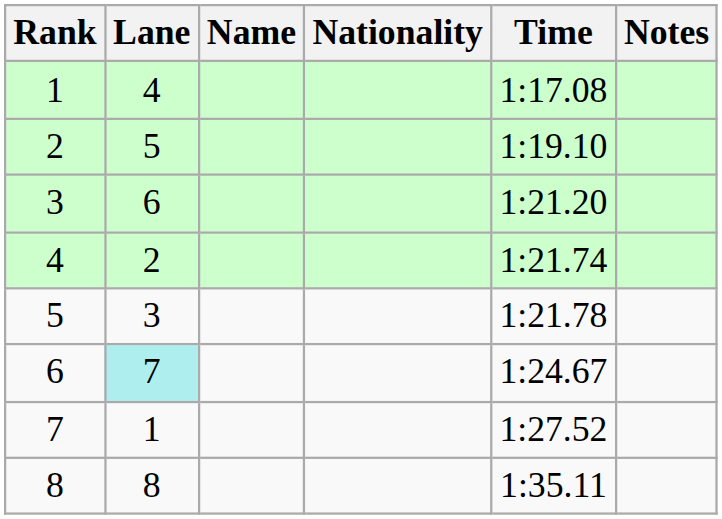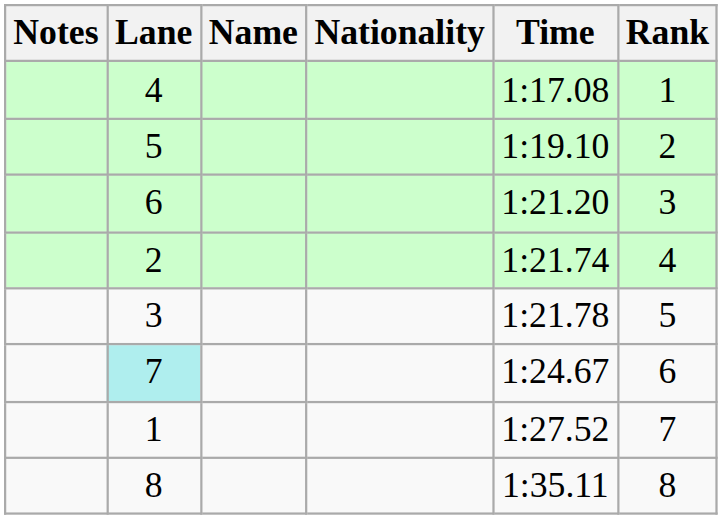 <table class="wikitable sortable" style="text-align:center">
 <tr>
-<th>Rank</th>
+<th>Notes</th>
 <th>Lane</th>
 <th>Name</th>
 <th>Nationality</th>
 <th>Time</th>
-<th>Notes</th>
+<th>Rank</th>
 </tr>
 <tr bgcolor=ccffcc>
-<td>1</td>
+<td><strong></strong> <strong></strong></td>
 <td>4</td>
 <td align=left></td>
 <td align=left></td>
 <td>1:17.08</td>
-<td><strong></strong> <strong></strong></td>
+<td>1</td>
 </tr>
 <tr bgcolor=ccffcc>
-<td>2</td>
+<td><strong></strong></td>
 <td>5</td>
 <td align=left></td>
 <td align=left></td>
 <td>1:19.10</td>
-<td><strong></strong></td>
+<td>2</td>
 </tr>
 <tr bgcolor=ccffcc>
-<td>3</td>
+<td><strong></strong></td>
 <td>6</td>
 <td align=left></td>
 <td align=left></td>
 <td>1:21.20</td>
-<td><strong></strong></td>
+<td>3</td>
 </tr>
 <tr bgcolor=ccffcc>
-<td>4</td>
+<td><strong></strong></td>
 <td>2</td>
 <td align=left></td>
 <td align=left></td>
 <td>1:21.74</td>
-<td><strong></strong></td>
+<td>4</td>
 </tr>
 <tr>
-<td>5</td>
+<td></td>
 <td>3</td>
 <td align=left></td>
 <td align=left></td>
 <td>1:21.78</td>
-<td></td>
+<td>5</td>
 </tr>
 <tr>
-<td>6</td>
+<td></td>
 <td style="background: paleturquoise;">7</td>
 <td align=left></td>
 <td align=left></td>
 <td>1:24.67</td>
-<td></td>
+<td>6</td>
 </tr>
 <tr>
-<td>7</td>
+<td></td>
 <td>1</td>
 <td align=left></td>
 <td align=left></td>
 <td>1:27.52</td>
-<td></td>
+<td>7</td>
 </tr>
 <tr>
-<td>8</td>
+<td></td>
 <td>8</td>
 <td align=left></td>
 <td align=left></td>
 <td>1:35.11</td>
-<td></td>
+<td>8</td>
 </tr>
 </table>
